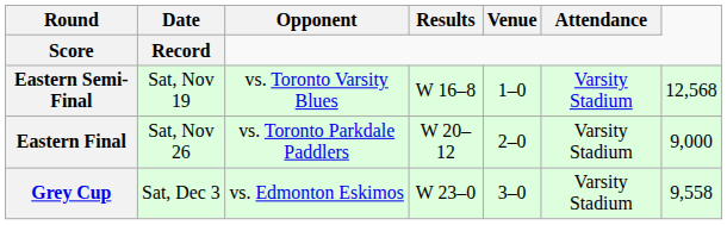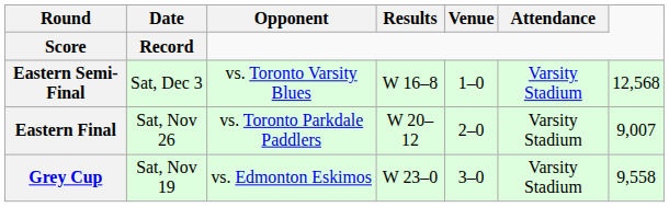 <table class="wikitable" style="text-align:center">
 <tr>
 <th>Round</th>
 <th>Date</th>
 <th>Opponent</th>
 <th>Results</th>
 <th>Venue</th>
 <th>Attendance</th>
 </tr>
 <tr>
 <th>Score</th>
 <th>Record</th>
 </tr>
 <tr style="background:#ddffdd">
 <th>Eastern Semi-Final</th>
-<td>Sat, Nov 19</td>
+<td>Sat, Dec 3</td>
 <td>vs. <a href='#'>Toronto Varsity Blues</a></td>
 <td>W 16–8</td>
 <td>1–0</td>
 <td><a href='#'>Varsity Stadium</a></td>
 <td>12,568</td>
 </tr>
 <tr style="background:#ddffdd">
 <th>Eastern Final</th>
 <td>Sat, Nov 26</td>
 <td>vs. <a href='#'>Toronto Parkdale Paddlers</a></td>
 <td>W 20–12</td>
 <td>2–0</td>
 <td>Varsity Stadium</td>
-<td>9,000</td>
+<td>9,007</td>
 </tr>
 <tr style="background:#ddffdd">
 <th><a href='#'>Grey Cup</a></th>
-<td>Sat, Dec 3</td>
+<td>Sat, Nov 19</td>
 <td>vs. <a href='#'>Edmonton Eskimos</a></td>
 <td>W 23–0</td>
 <td>3–0</td>
 <td>Varsity Stadium</td>
 <td>9,558</td>
 </tr>
 </table>
